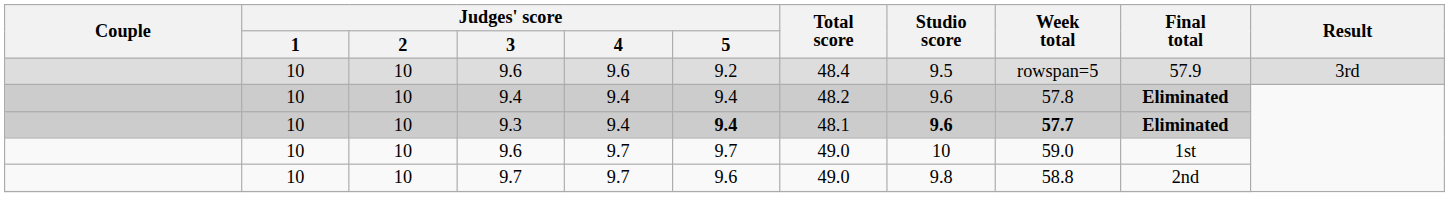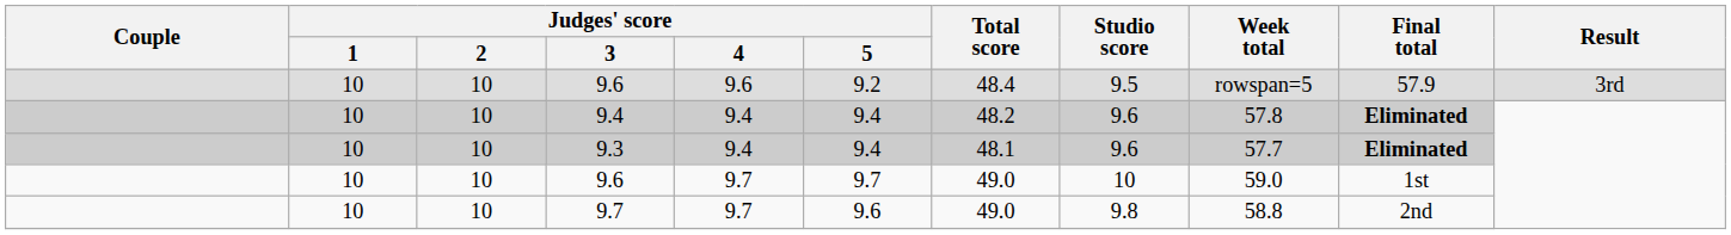 <table class="wikitable" style="font-size:100%; line-height:16px; text-align:center" width="100%">
 <tr>
 <th rowspan=2 width="11.00%">Couple</th>
 <th colspan=5 width="25.00%">Judges' score</th>
 <th rowspan=2 width="05.00%">Total<br>score</th>
 <th rowspan=2 width="05.00%">Studio<br>score</th>
 <th rowspan=2 width="05.00%">Week<br>total</th>
 <th rowspan=2 width="05.00%">Final<br>total</th>
 <th rowspan=2 width="09.00%">Result</th>
 </tr>
 <tr>
 <th width="05%">1</th>
 <th width="05%">2</th>
 <th width="05%">3</th>
 <th width="05%">4</th>
 <th width="05%">5</th>
 </tr>
 <tr bgcolor="DDDDDD">
 <td></td>
 <td>10</td>
 <td>10</td>
 <td>9.6</td>
 <td>9.6</td>
 <td>9.2</td>
 <td>48.4</td>
 <td>9.5</td>
 <td>rowspan=5 </td>
 <td>57.9</td>
 <td>3rd</td>
 </tr>
 <tr bgcolor=CCCCCC>
 <td></td>
 <td>10</td>
 <td>10</td>
 <td>9.4</td>
 <td>9.4</td>
 <td>9.4</td>
 <td>48.2</td>
 <td>9.6</td>
 <td>57.8</td>
 <td><strong>Eliminated</strong></td>
 </tr>
 <tr bgcolor=CCCCCC>
 <td></td>
 <td>10</td>
 <td>10</td>
 <td>9.3</td>
 <td>9.4</td>
-<td><strong>9.4</strong></td>
+<td>9.4</td>
 <td>48.1</td>
-<td><strong>9.6</strong></td>
-<td><strong>57.7</strong></td>
+<td>9.6</td>
+<td>57.7</td>
 <td><strong>Eliminated</strong></td>
 </tr>
 <tr>
 <td></td>
 <td>10</td>
 <td>10</td>
 <td>9.6</td>
 <td>9.7</td>
 <td>9.7</td>
 <td>49.0</td>
 <td>10</td>
 <td>59.0</td>
 <td>1st</td>
 </tr>
 <tr>
 <td></td>
 <td>10</td>
 <td>10</td>
 <td>9.7</td>
 <td>9.7</td>
 <td>9.6</td>
 <td>49.0</td>
 <td>9.8</td>
 <td>58.8</td>
 <td>2nd</td>
 </tr>
 <tr>
 </tr>
 </table>
